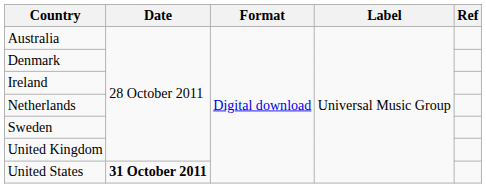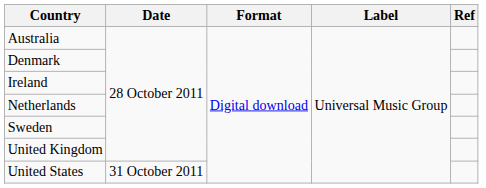 <table class="wikitable">
 <tr>
 <th scope="col">Country</th>
 <th scope="col">Date</th>
 <th scope="col">Format</th>
 <th scope="col">Label</th>
 <th scope="col">Ref</th>
 </tr>
 <tr>
 <td>Australia</td>
 <td rowspan="6">28 October 2011</td>
 <td rowspan="7"><a href='#'>Digital download</a></td>
 <td rowspan="7">Universal Music Group</td>
 <td></td>
 </tr>
 <tr>
 <td>Denmark</td>
 <td></td>
 </tr>
 <tr>
 <td>Ireland</td>
 <td></td>
 </tr>
 <tr>
 <td>Netherlands</td>
 <td></td>
 </tr>
 <tr>
 <td>Sweden</td>
 <td></td>
 </tr>
 <tr>
 <td>United Kingdom</td>
 <td></td>
 </tr>
 <tr>
 <td>United States</td>
-<td><strong>31 October 2011</strong></td>
+<td>31 October 2011</td>
 <td></td>
 </tr>
 </table>
